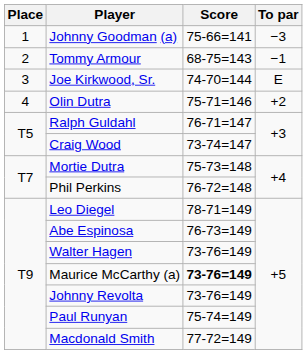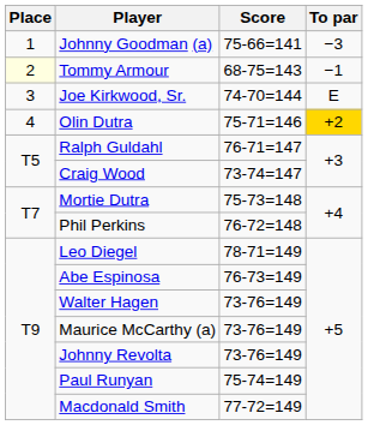 <table class=wikitable>
 <tr>
 <th>Place</th>
 <th>Player</th>
 <th>Score</th>
 <th>To par</th>
 </tr>
 <tr>
 <td align=center>1</td>
 <td> <a href='#'>Johnny Goodman</a> <a href='#'>(a)</a></td>
 <td>75-66=141</td>
 <td align=center>−3</td>
 </tr>
 <tr>
-<td align=center>2</td>
+<td align=center style="background: lightyellow;">2</td>
 <td> <a href='#'>Tommy Armour</a></td>
 <td>68-75=143</td>
 <td align=center>−1</td>
 </tr>
 <tr>
 <td align=center>3</td>
 <td> <a href='#'>Joe Kirkwood, Sr.</a></td>
 <td>74-70=144</td>
 <td align=center>E</td>
 </tr>
 <tr>
 <td align=center>4</td>
 <td> <a href='#'>Olin Dutra</a></td>
 <td>75-71=146</td>
-<td align=center>+2</td>
+<td align=center style="background: gold;">+2</td>
 </tr>
 <tr>
 <td rowspan=2 align=center>T5</td>
 <td> <a href='#'>Ralph Guldahl</a></td>
 <td>76-71=147</td>
 <td rowspan=2 align=center>+3</td>
 </tr>
 <tr>
 <td> <a href='#'>Craig Wood</a></td>
 <td>73-74=147</td>
 </tr>
 <tr>
 <td rowspan=2 align=center>T7</td>
 <td> <a href='#'>Mortie Dutra</a></td>
 <td>75-73=148</td>
 <td rowspan=2 align=center>+4</td>
 </tr>
 <tr>
 <td> Phil Perkins</td>
 <td>76-72=148</td>
 </tr>
 <tr>
 <td rowspan=7 align=center>T9</td>
 <td> <a href='#'>Leo Diegel</a></td>
 <td>78-71=149</td>
 <td rowspan=7 align=center>+5</td>
 </tr>
 <tr>
 <td> <a href='#'>Abe Espinosa</a></td>
 <td>76-73=149</td>
 </tr>
 <tr>
 <td> <a href='#'>Walter Hagen</a></td>
 <td>73-76=149</td>
 </tr>
 <tr>
 <td> Maurice McCarthy (a)</td>
-<td><strong>73-76=149</strong></td>
+<td>73-76=149</td>
 </tr>
 <tr>
 <td> <a href='#'>Johnny Revolta</a></td>
 <td>73-76=149</td>
 </tr>
 <tr>
 <td> <a href='#'>Paul Runyan</a></td>
 <td>75-74=149</td>
 </tr>
 <tr>
 <td> <a href='#'>Macdonald Smith</a></td>
 <td>77-72=149</td>
 </tr>
 </table>
